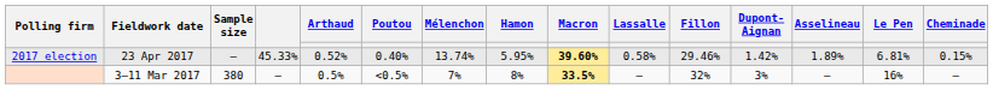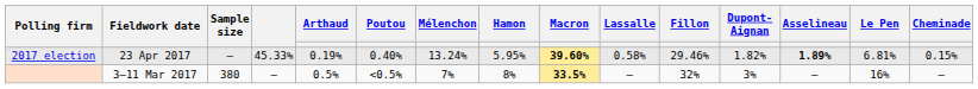 <table class="wikitable sortable" style="text-align:center;font-size:90%;line-height:14px;">
 <tr style="height:40px;">
 <th style="width:100px;" rowspan="2">Polling firm</th>
 <th style="width:110px;" rowspan="2">Fieldwork date</th>
 <th style="width:35px;" rowspan="2">Sample<br>size</th>
 <th style="width:30px;" rowspan="2"></th>
 <th class="unsortable" style="width:60px;"><a href='#'>Arthaud</a><br></th>
 <th class="unsortable" style="width:60px;"><a href='#'>Poutou</a><br></th>
 <th class="unsortable" style="width:60px;"><a href='#'>Mélenchon</a><br></th>
 <th class="unsortable" style="width:60px;"><a href='#'>Hamon</a><br></th>
 <th class="unsortable" style="width:60px;"><a href='#'>Macron</a><br></th>
 <th class="unsortable" style="width:60px;"><a href='#'>Lassalle</a><br></th>
 <th class="unsortable" style="width:60px;"><a href='#'>Fillon</a><br></th>
 <th class="unsortable" style="width:60px;"><a href='#'>Dupont-Aignan</a><br></th>
 <th class="unsortable" style="width:60px;"><a href='#'>Asselineau</a><br></th>
 <th class="unsortable" style="width:60px;"><a href='#'>Le Pen</a><br></th>
 <th class="unsortable" style="width:60px;"><a href='#'>Cheminade</a><br></th>
 </tr>
 <tr>
 <th style="background:"></th>
 <th style="background:"></th>
 <th style="background:"></th>
 <th style="background:"></th>
 <th style="background:"></th>
 <th style="background:"></th>
 <th style="background:"></th>
 <th style="background:"></th>
 <th style="background:"></th>
 <th style="background:"></th>
 <th style="background:"></th>
 </tr>
 <tr style="background:#E9E9E9;">
 <td><a href='#'>2017 election</a></td>
 <td data-sort-value="2017-04-23">23 Apr 2017</td>
 <td>–</td>
 <td>45.33%</td>
-<td>0.52%</td>
+<td>0.19%</td>
 <td>0.40%</td>
-<td>13.74%</td>
+<td>13.24%</td>
 <td>5.95%</td>
 <td style="background:#FFED99;"><strong>39.60%</strong></td>
 <td>0.58%</td>
 <td>29.46%</td>
-<td>1.42%</td>
-<td>1.89%</td>
+<td>1.82%</td>
+<td><strong>1.89%</strong></td>
 <td>6.81%</td>
 <td>0.15%</td>
 </tr>
 <tr>
 <td style="background:#FFDFCC;"></td>
 <td data-sort-value="2017-03-11">3–11 Mar 2017</td>
 <td>380</td>
 <td>–</td>
 <td>0.5%</td>
 <td data-sort-value="0%"><0.5%</td>
 <td>7%</td>
 <td>8%</td>
 <td style="background:#FFED99;"><strong>33.5%</strong></td>
 <td>–</td>
 <td>32%</td>
 <td>3%</td>
 <td>–</td>
 <td>16%</td>
 <td>–</td>
 </tr>
 </table>
